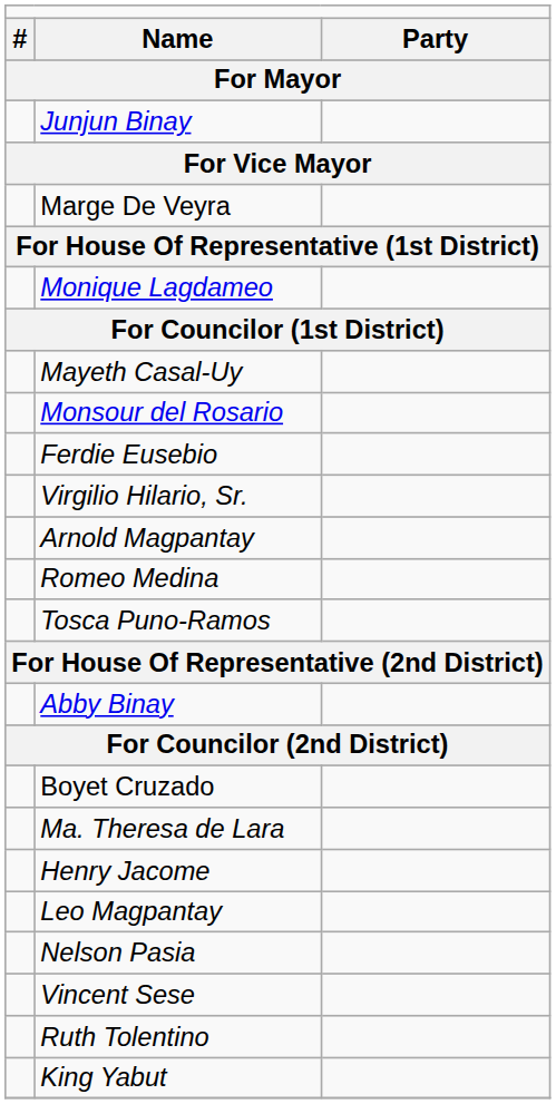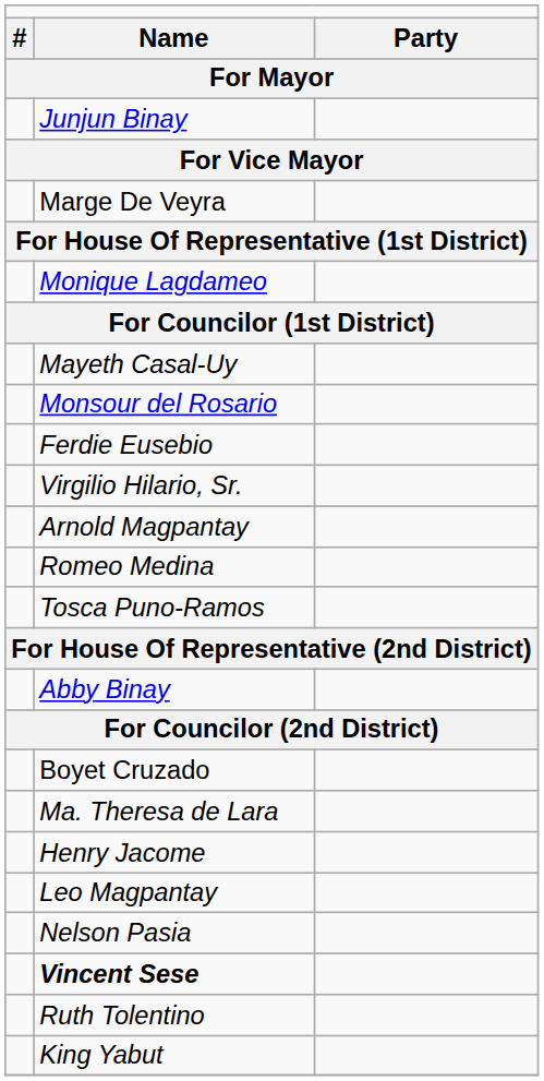 <table class=wikitable style="font-size:90%">
 <tr>
 <td colspan=5 bgcolor=></td>
 </tr>
 <tr>
 <th>#</th>
 <th width=150px>Name</th>
 <th colspan=2 width=110px>Party</th>
 </tr>
 <tr>
 <th colspan="4">For Mayor</th>
 </tr>
 <tr>
 <td></td>
 <td><em><a href='#'>Junjun Binay</a></em></td>
 <td></td>
 </tr>
 <tr>
 <th colspan="4">For Vice Mayor</th>
 </tr>
 <tr>
 <td></td>
 <td>Marge De Veyra</td>
 <td></td>
 </tr>
 <tr>
 <th colspan="4">For House Of Representative (1st District)</th>
 </tr>
 <tr>
 <td></td>
 <td><em><a href='#'>Monique Lagdameo</a></em></td>
 <td></td>
 </tr>
 <tr>
 <th colspan="4">For Councilor (1st District)</th>
 </tr>
 <tr>
 <td></td>
 <td><em>Mayeth Casal-Uy</em></td>
 <td></td>
 </tr>
 <tr>
 <td></td>
 <td><em><a href='#'>Monsour del Rosario</a></em></td>
 <td></td>
 </tr>
 <tr>
 <td></td>
 <td><em>Ferdie Eusebio</em></td>
 <td></td>
 </tr>
 <tr>
 <td></td>
 <td><em>Virgilio Hilario, Sr.</em></td>
 <td></td>
 </tr>
 <tr>
 <td></td>
 <td><em>Arnold Magpantay</em></td>
 <td></td>
 </tr>
 <tr>
 <td></td>
 <td><em>Romeo Medina</em></td>
 <td></td>
 </tr>
 <tr>
 <td></td>
 <td><em>Tosca Puno-Ramos</em></td>
 <td></td>
 </tr>
 <tr>
 <th colspan="4">For House Of Representative (2nd District)</th>
 </tr>
 <tr>
 <td></td>
 <td><em><a href='#'>Abby Binay</a></em></td>
 <td></td>
 </tr>
 <tr>
 <th colspan="4">For Councilor (2nd District)</th>
 </tr>
 <tr>
 <td></td>
 <td>Boyet Cruzado</td>
 <td></td>
 </tr>
 <tr>
 <td></td>
 <td><em>Ma. Theresa de Lara</em></td>
 <td></td>
 </tr>
 <tr>
 <td></td>
 <td><em>Henry Jacome</em></td>
 <td></td>
 </tr>
 <tr>
 <td></td>
 <td><em>Leo Magpantay</em></td>
 <td></td>
 </tr>
 <tr>
 <td></td>
 <td><em>Nelson Pasia</em></td>
 <td></td>
 </tr>
 <tr>
 <td></td>
-<td><em>Vincent Sese</em></td>
+<td><strong><em>Vincent Sese</em></strong></td>
 <td></td>
 </tr>
 <tr>
 <td></td>
 <td><em>Ruth Tolentino</em></td>
 <td></td>
 </tr>
 <tr>
 <td></td>
 <td><em>King Yabut</em></td>
 <td></td>
 </tr>
 <tr>
 </tr>
 </table>
